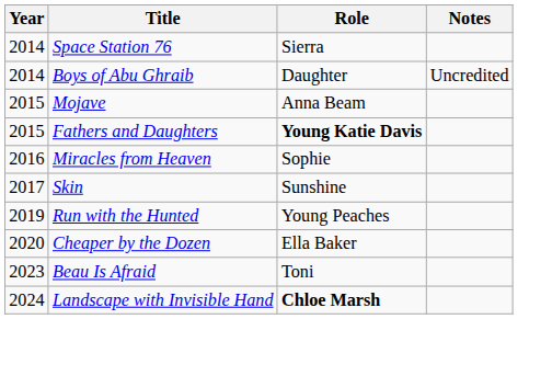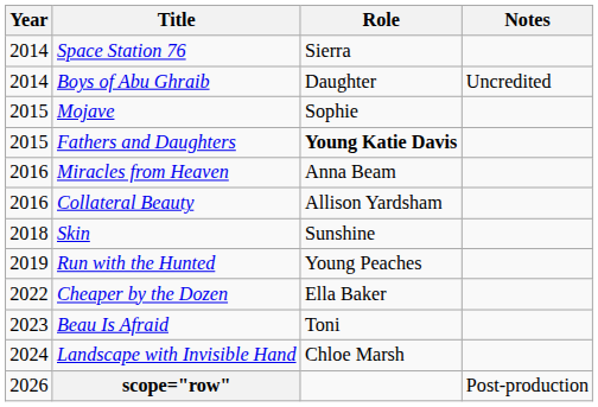 <table class="wikitable plainrowheaders sortable">
 <tr>
 <th scope="col">Year</th>
 <th scope="col">Title</th>
 <th scope="col">Role</th>
 <th scope="col" class="unsortable">Notes</th>
 </tr>
 <tr>
 <td>2014</td>
 <td><em><a href='#'>Space Station 76</a></em></td>
 <td>Sierra</td>
 <td></td>
 </tr>
 <tr>
 <td>2014</td>
 <td><em><a href='#'>Boys of Abu Ghraib</a></em></td>
 <td>Daughter</td>
 <td>Uncredited</td>
 </tr>
 <tr>
 <td>2015</td>
 <td><em><a href='#'>Mojave</a></em></td>
-<td>Anna Beam</td>
+<td>Sophie</td>
 <td></td>
 </tr>
 <tr>
 <td>2015</td>
 <td><em><a href='#'>Fathers and Daughters</a></em></td>
 <td><strong>Young Katie Davis</strong></td>
 <td></td>
 </tr>
 <tr>
 <td>2016</td>
 <td><em><a href='#'>Miracles from Heaven</a></em></td>
-<td>Sophie</td>
+<td>Anna Beam</td>
 <td></td>
 </tr>
 <tr>
-<td>2017</td>
+<td>2016</td>
+<td><em><a href='#'>Collateral Beauty</a></em></td>
+<td>Allison Yardsham</td>
+<td></td>
+</tr>
+<tr>
+<td>2018</td>
 <td><em><a href='#'>Skin</a></em></td>
 <td>Sunshine</td>
 <td></td>
 </tr>
 <tr>
 <td>2019</td>
 <td><em><a href='#'>Run with the Hunted</a></em></td>
 <td>Young Peaches</td>
 <td></td>
 </tr>
 <tr>
-<td>2020</td>
+<td>2022</td>
 <td><em><a href='#'>Cheaper by the Dozen</a></em></td>
 <td>Ella Baker</td>
 <td></td>
 </tr>
 <tr>
 <td>2023</td>
 <td><em><a href='#'>Beau Is Afraid</a></em></td>
 <td>Toni</td>
 <td></td>
 </tr>
 <tr>
 <td>2024</td>
 <td><em><a href='#'>Landscape with Invisible Hand</a></em></td>
-<td><strong>Chloe Marsh</strong></td>
+<td>Chloe Marsh</td>
 <td></td>
 </tr>
+<tr>
+<td>2026</td>
+<th>scope="row" </th>
+<td></td>
+<td>Post-production</td>
+</tr>
 </table>
